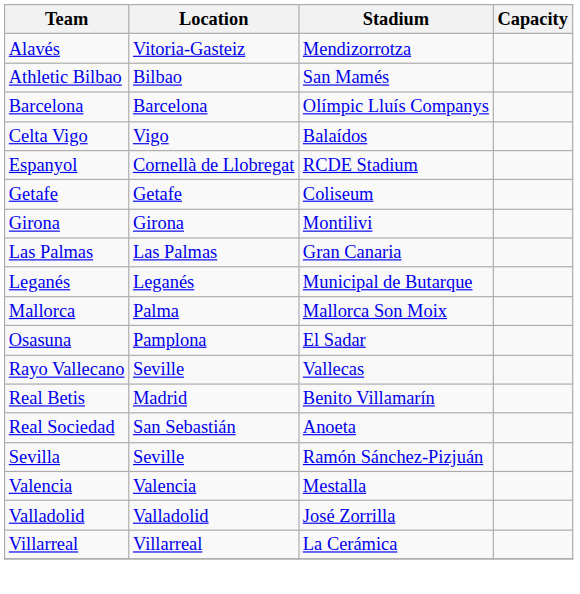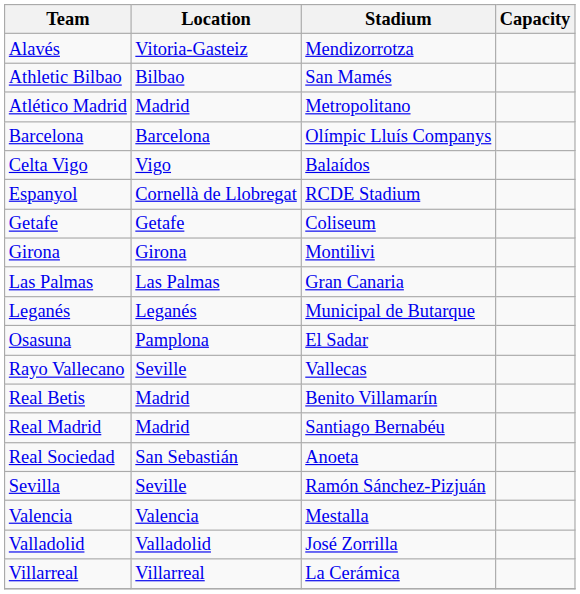 <table class="wikitable sortable" style="text-align:left;">
 <tr>
 <th>Team</th>
 <th>Location</th>
 <th>Stadium</th>
 <th>Capacity</th>
 </tr>
 <tr>
 <td><a href='#'>Alavés</a></td>
 <td><a href='#'>Vitoria-Gasteiz</a></td>
 <td><a href='#'>Mendizorrotza</a></td>
 <td style="text-align:center"></td>
 </tr>
 <tr>
 <td><a href='#'>Athletic Bilbao</a></td>
 <td><a href='#'>Bilbao</a></td>
 <td><a href='#'>San Mamés</a></td>
+<td style="text-align:center"></td>
+</tr>
+<tr>
+<td data-sort-value="Madrid"><a href='#'>Atlético Madrid</a></td>
+<td><a href='#'>Madrid</a> </td>
+<td><a href='#'>Metropolitano</a></td>
 <td style="text-align:center"></td>
 </tr>
 <tr>
 <td><a href='#'>Barcelona</a></td>
 <td><a href='#'>Barcelona</a></td>
 <td><a href='#'>Olímpic Lluís Companys</a></td>
 <td style="text-align:center"></td>
 </tr>
 <tr>
 <td><a href='#'>Celta Vigo</a></td>
 <td><a href='#'>Vigo</a></td>
 <td><a href='#'>Balaídos</a></td>
 <td style="text-align:center"></td>
 </tr>
 <tr>
 <td><a href='#'>Espanyol</a></td>
 <td><a href='#'>Cornellà de Llobregat</a></td>
 <td><a href='#'>RCDE Stadium</a></td>
 <td style="text-align:center"></td>
 </tr>
 <tr>
 <td><a href='#'>Getafe</a></td>
 <td><a href='#'>Getafe</a></td>
 <td><a href='#'>Coliseum</a></td>
 <td style="text-align:center"></td>
 </tr>
 <tr>
 <td><a href='#'>Girona</a></td>
 <td><a href='#'>Girona</a></td>
 <td><a href='#'>Montilivi</a></td>
 <td style="text-align:center"></td>
 </tr>
 <tr>
 <td><a href='#'>Las Palmas</a></td>
 <td><a href='#'>Las Palmas</a></td>
 <td><a href='#'>Gran Canaria</a></td>
 <td style="text-align:center"></td>
 </tr>
 <tr>
 <td><a href='#'>Leganés</a></td>
 <td><a href='#'>Leganés</a></td>
 <td><a href='#'>Municipal de Butarque</a></td>
 <td style="text-align:center"></td>
 </tr>
 <tr>
-<td><a href='#'>Mallorca</a></td>
-<td><a href='#'>Palma</a></td>
-<td><a href='#'>Mallorca Son Moix</a></td>
-<td style="text-align:center"></td>
-</tr>
-<tr>
 <td><a href='#'>Osasuna</a></td>
 <td><a href='#'>Pamplona</a></td>
 <td><a href='#'>El Sadar</a></td>
 <td style="text-align:center"></td>
 </tr>
 <tr>
 <td><a href='#'>Rayo Vallecano</a></td>
 <td><a href='#'>Seville</a> </td>
 <td><a href='#'>Vallecas</a></td>
 <td style="text-align:center"></td>
 </tr>
 <tr>
 <td><a href='#'>Real Betis</a></td>
 <td><a href='#'>Madrid</a> </td>
 <td><a href='#'>Benito Villamarín</a></td>
+<td style="text-align:center"></td>
+</tr>
+<tr>
+<td><a href='#'>Real Madrid</a></td>
+<td><a href='#'>Madrid</a> </td>
+<td><a href='#'>Santiago Bernabéu</a></td>
 <td style="text-align:center"></td>
 </tr>
 <tr>
 <td><a href='#'>Real Sociedad</a></td>
 <td><a href='#'>San Sebastián</a></td>
 <td><a href='#'>Anoeta</a></td>
 <td style="text-align:center"></td>
 </tr>
 <tr>
 <td><a href='#'>Sevilla</a></td>
 <td><a href='#'>Seville</a> </td>
 <td><a href='#'>Ramón Sánchez-Pizjuán</a></td>
 <td style="text-align:center"></td>
 </tr>
 <tr>
 <td><a href='#'>Valencia</a></td>
 <td><a href='#'>Valencia</a></td>
 <td><a href='#'>Mestalla</a></td>
 <td style="text-align:center"></td>
 </tr>
 <tr>
 <td><a href='#'>Valladolid</a></td>
 <td><a href='#'>Valladolid</a></td>
 <td><a href='#'>José Zorrilla</a></td>
 <td style="text-; aalign:center"></td>
 </tr>
 <tr>
 <td><a href='#'>Villarreal</a></td>
 <td><a href='#'>Villarreal</a></td>
 <td><a href='#'>La Cerámica</a></td>
 <td style="text-align:center"></td>
 </tr>
 <tr>
 </tr>
 </table>
